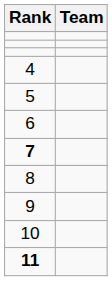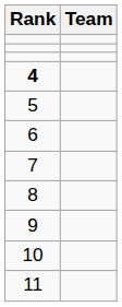 <table class="wikitable" style="text-align:center">
 <tr>
 <th width=40>Rank</th>
 <th>Team</th>
 </tr>
 <tr>
 <td></td>
 <td style="text-align:left"></td>
 </tr>
 <tr>
 <td></td>
 <td style="text-align:left"></td>
 </tr>
 <tr>
 <td></td>
 <td style="text-align:left"></td>
 </tr>
 <tr>
-<td>4</td>
+<td><strong>4</strong></td>
 <td style="text-align:left"></td>
 </tr>
 <tr>
 <td>5</td>
 <td style="text-align:left"></td>
 </tr>
 <tr>
 <td>6</td>
 <td style="text-align:left"></td>
 </tr>
 <tr>
-<td><strong>7</strong></td>
+<td>7</td>
 <td style="text-align:left"></td>
 </tr>
 <tr>
 <td>8</td>
 <td style="text-align:left"></td>
 </tr>
 <tr>
 <td>9</td>
 <td style="text-align:left"></td>
 </tr>
 <tr>
 <td>10</td>
 <td style="text-align:left"></td>
 </tr>
 <tr>
-<td><strong>11</strong></td>
+<td>11</td>
 <td style="text-align:left"></td>
 </tr>
 </table>
